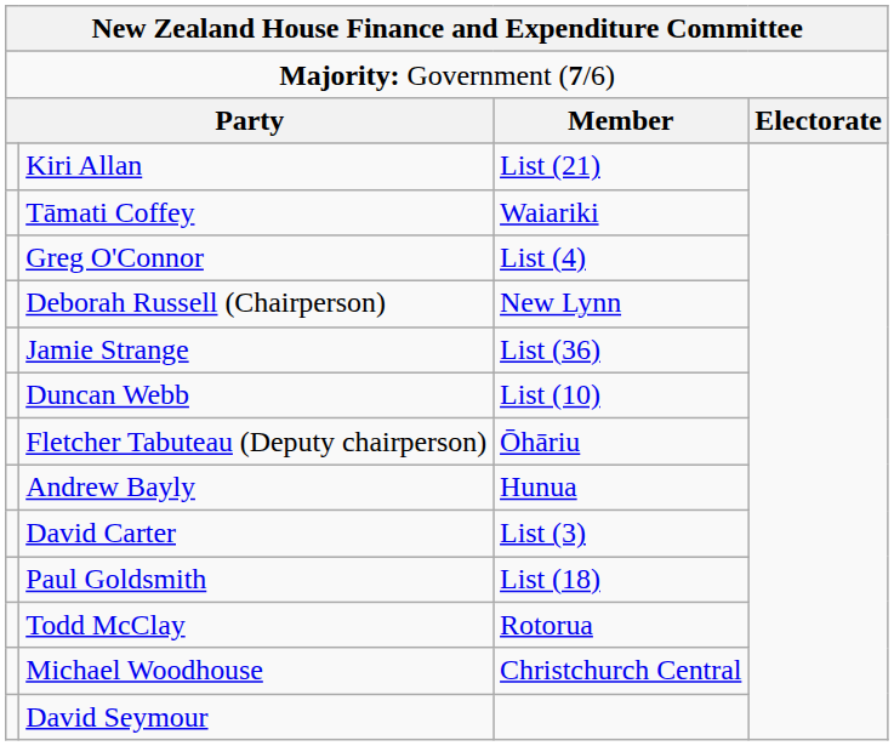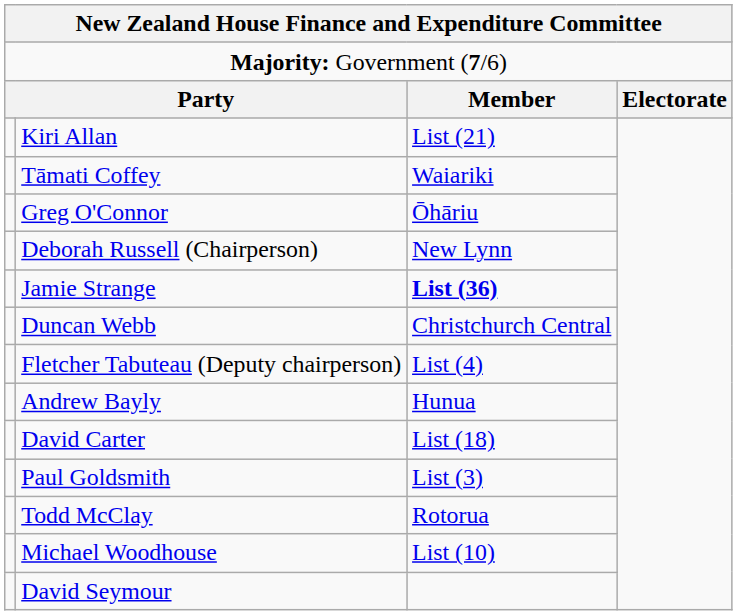 <table class="wikitable">
 <tr>
 <th colspan="4">New Zealand House Finance and Expenditure Committee</th>
 </tr>
 <tr>
 <td colspan="4" style="text-align:center; background:"><strong>Majority:</strong> Government (<strong>7</strong>/6)</td>
 </tr>
 <tr>
 <th colspan="2">Party</th>
 <th>Member</th>
 <th>Electorate</th>
 </tr>
 <tr>
 <td></td>
 <td><a href='#'>Kiri Allan</a></td>
 <td><a href='#'>List (21)</a></td>
 </tr>
 <tr>
 <td></td>
 <td><a href='#'>Tāmati Coffey</a></td>
 <td><a href='#'>Waiariki</a></td>
 </tr>
 <tr>
 <td></td>
 <td><a href='#'>Greg O'Connor</a></td>
-<td><a href='#'>List (4)</a></td>
+<td><a href='#'>Ōhāriu</a></td>
 </tr>
 <tr>
 <td></td>
 <td><a href='#'>Deborah Russell</a> (Chairperson)</td>
 <td><a href='#'>New Lynn</a></td>
 </tr>
 <tr>
 <td></td>
 <td><a href='#'>Jamie Strange</a></td>
-<td><a href='#'>List (36)</a></td>
+<td><strong><a href='#'>List (36)</a></strong></td>
 </tr>
 <tr>
 <td></td>
 <td><a href='#'>Duncan Webb</a></td>
-<td><a href='#'>List (10)</a></td>
+<td><a href='#'>Christchurch Central</a></td>
 </tr>
 <tr>
 <td></td>
 <td><a href='#'>Fletcher Tabuteau</a> (Deputy chairperson)</td>
-<td><a href='#'>Ōhāriu</a></td>
+<td><a href='#'>List (4)</a></td>
 </tr>
 <tr>
 <td></td>
 <td><a href='#'>Andrew Bayly</a></td>
 <td><a href='#'>Hunua</a></td>
 </tr>
 <tr>
 <td></td>
 <td><a href='#'>David Carter</a></td>
-<td><a href='#'>List (3)</a></td>
+<td><a href='#'>List (18)</a></td>
 </tr>
 <tr>
 <td></td>
 <td><a href='#'>Paul Goldsmith</a></td>
-<td><a href='#'>List (18)</a></td>
+<td><a href='#'>List (3)</a></td>
 </tr>
 <tr>
 <td></td>
 <td><a href='#'>Todd McClay</a></td>
 <td><a href='#'>Rotorua</a></td>
 </tr>
 <tr>
 <td></td>
 <td><a href='#'>Michael Woodhouse</a></td>
-<td><a href='#'>Christchurch Central</a></td>
+<td><a href='#'>List (10)</a></td>
 </tr>
 <tr>
 <td></td>
 <td><a href='#'>David Seymour</a></td>
 <td></td>
 </tr>
 </table>
